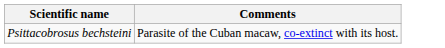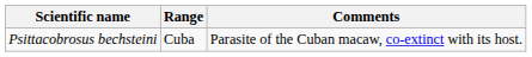 <table class="wikitable">
 <tr>
 <th>Scientific name</th>
+<th>Range</th>
 <th class="unsortable">Comments</th>
 </tr>
 <tr>
 <td><em>Psittacobrosus bechsteini</em></td>
+<td>Cuba</td>
 <td>Parasite of the Cuban macaw, <a href='#'>co-extinct</a> with its host.</td>
 </tr>
 </table>
